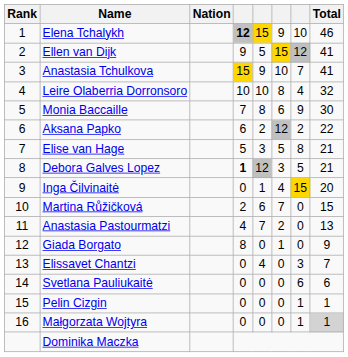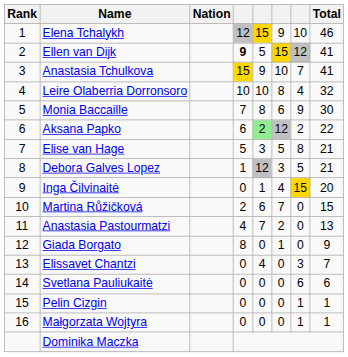 <table class="wikitable sortable" style="text-align:center">
 <tr>
 <th>Rank</th>
 <th>Name</th>
 <th>Nation</th>
 <th></th>
 <th></th>
 <th></th>
 <th></th>
 <th>Total</th>
 </tr>
 <tr>
 <td>1</td>
 <td align=left><a href='#'>Elena Tchalykh</a></td>
 <td align=left></td>
-<td bgcolor=silver><strong>12</strong></td>
+<td bgcolor=silver>12</td>
 <td bgcolor=gold>15</td>
 <td>9</td>
 <td>10</td>
 <td>46</td>
 </tr>
 <tr>
 <td>2</td>
 <td align=left><a href='#'>Ellen van Dijk</a></td>
 <td align=left></td>
-<td>9</td>
+<td><strong>9</strong></td>
 <td>5</td>
 <td bgcolor=gold>15</td>
 <td bgcolor=silver>12</td>
 <td>41</td>
 </tr>
 <tr>
 <td>3</td>
 <td align=left><a href='#'>Anastasia Tchulkova</a></td>
 <td align=left></td>
 <td bgcolor=gold>15</td>
 <td>9</td>
 <td>10</td>
 <td>7</td>
 <td>41</td>
 </tr>
 <tr>
 <td>4</td>
 <td align=left><a href='#'>Leire Olaberria Dorronsoro</a></td>
 <td align=left></td>
 <td>10</td>
 <td>10</td>
 <td>8</td>
 <td>4</td>
 <td>32</td>
 </tr>
 <tr>
 <td>5</td>
 <td align=left><a href='#'>Monia Baccaille</a></td>
 <td align=left></td>
 <td>7</td>
 <td>8</td>
 <td>6</td>
 <td>9</td>
 <td>30</td>
 </tr>
 <tr>
 <td>6</td>
 <td align=left><a href='#'>Aksana Papko</a></td>
 <td align=left></td>
 <td>6</td>
-<td>2</td>
+<td style="background: lightgreen;">2</td>
 <td bgcolor=silver>12</td>
 <td>2</td>
 <td>22</td>
 </tr>
 <tr>
 <td>7</td>
 <td align=left><a href='#'>Elise van Hage</a></td>
 <td align=left></td>
 <td>5</td>
 <td>3</td>
 <td>5</td>
 <td>8</td>
 <td>21</td>
 </tr>
 <tr>
 <td>8</td>
 <td align=left><a href='#'>Debora Galves Lopez</a></td>
 <td align=left></td>
-<td><strong>1</strong></td>
+<td>1</td>
 <td bgcolor=silver>12</td>
 <td>3</td>
 <td>5</td>
 <td>21</td>
 </tr>
 <tr>
 <td>9</td>
 <td align=left><a href='#'>Inga Čilvinaitė</a></td>
 <td align=left></td>
 <td>0</td>
 <td>1</td>
 <td>4</td>
 <td bgcolor=gold>15</td>
 <td>20</td>
 </tr>
 <tr>
 <td>10</td>
 <td align=left><a href='#'>Martina Růžičková</a></td>
 <td align=left></td>
 <td>2</td>
 <td>6</td>
 <td>7</td>
 <td>0</td>
 <td>15</td>
 </tr>
 <tr>
 <td>11</td>
 <td align=left><a href='#'>Anastasia Pastourmatzi</a></td>
 <td align=left></td>
 <td>4</td>
 <td>7</td>
 <td>2</td>
 <td>0</td>
 <td>13</td>
 </tr>
 <tr>
 <td>12</td>
 <td align=left><a href='#'>Giada Borgato</a></td>
 <td align=left></td>
 <td>8</td>
 <td>0</td>
 <td>1</td>
 <td>0</td>
 <td>9</td>
 </tr>
 <tr>
 <td>13</td>
 <td align=left><a href='#'>Elissavet Chantzi</a></td>
 <td align=left></td>
 <td>0</td>
 <td>4</td>
 <td>0</td>
 <td>3</td>
 <td>7</td>
 </tr>
 <tr>
 <td>14</td>
 <td align=left><a href='#'>Svetlana Pauliukaitė</a></td>
 <td align=left></td>
 <td>0</td>
 <td>0</td>
 <td>0</td>
 <td>6</td>
 <td>6</td>
 </tr>
 <tr>
 <td>15</td>
 <td align=left><a href='#'>Pelin Cizgin</a></td>
 <td align=left></td>
 <td>0</td>
 <td>0</td>
 <td>0</td>
 <td>1</td>
 <td>1</td>
 </tr>
 <tr>
 <td>16</td>
 <td align=left><a href='#'>Małgorzata Wojtyra</a></td>
 <td align=left></td>
 <td>0</td>
 <td>0</td>
 <td>0</td>
 <td>1</td>
-<td style="background: lightgrey;">1</td>
+<td>1</td>
 </tr>
 <tr>
 <td></td>
 <td align=left><a href='#'>Dominika Maczka</a></td>
 <td align=left></td>
 </tr>
 </table>
